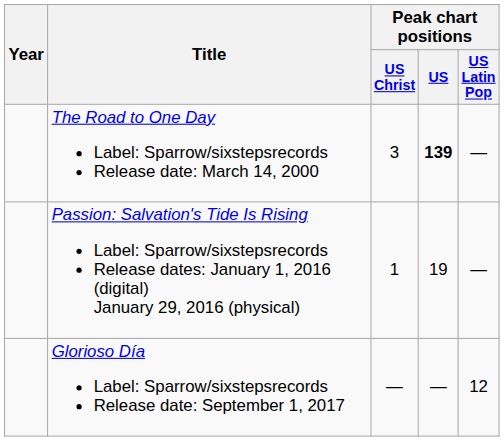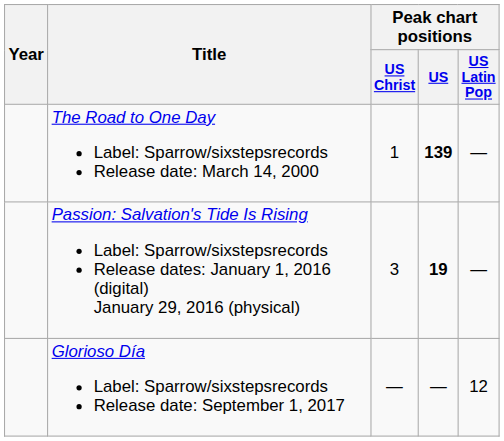 <table class="wikitable" style="text-align:center">
 <tr>
 <th rowspan="2">Year</th>
 <th width="300" rowspan="2">Title</th>
 <th colspan="3">Peak chart positions</th>
 </tr>
 <tr>
 <th scope="col" style="width:2.3em;font-size:85%;"><a href='#'>US<br>Christ</a><br></th>
 <th scope="col" style="width:2.3em;font-size:85%;"><a href='#'>US</a><br></th>
 <th scope="col" style="width:2.3em;font-size:85%;"><a href='#'>US<br>Latin Pop</a><br></th>
 </tr>
 <tr>
 <td></td>
 <td align=left><em><a href='#'>The Road to One Day</a></em><br><ul><li>Label: Sparrow/sixstepsrecords</li><li>Release date: March 14, 2000</li></ul></td>
-<td>3</td>
+<td>1</td>
 <td><strong>139</strong></td>
 <td>—</td>
 </tr>
 <tr>
 <td></td>
 <td align=left><em><a href='#'>Passion: Salvation's Tide Is Rising</a></em><br><ul><li>Label: Sparrow/sixstepsrecords</li><li>Release dates: January 1, 2016 (digital)<br>January 29, 2016 (physical)</li></ul></td>
-<td>1</td>
-<td>19</td>
+<td>3</td>
+<td><strong>19</strong></td>
 <td>—</td>
 </tr>
 <tr>
 <td></td>
 <td align=left><em><a href='#'>Glorioso Día</a></em><br><ul><li>Label: Sparrow/sixstepsrecords</li><li>Release date: September 1, 2017</li></ul></td>
 <td>—</td>
 <td>—</td>
 <td>12</td>
 </tr>
 </table>
